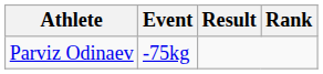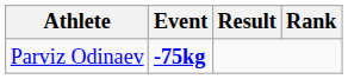 <table class="wikitable">
 <tr>
 <th>Athlete</th>
 <th>Event</th>
 <th>Result</th>
 <th>Rank</th>
 </tr>
 <tr align=center>
 <td align=left><a href='#'>Parviz Odinaev</a></td>
-<td align=left><a href='#'>-75kg</a></td>
+<td align=left><strong><a href='#'>-75kg</a></strong></td>
 <td colspan=2></td>
 </tr>
 </table>
